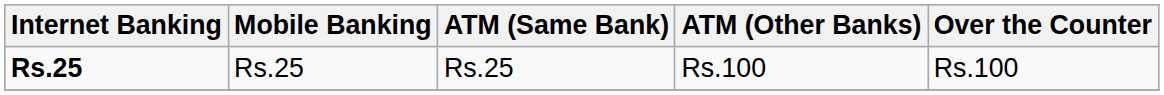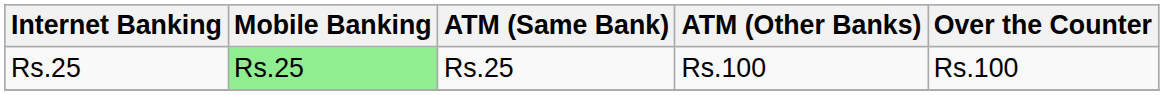 <table class="wikitable plainrowheaders">
 <tr>
 <th scope="col">Internet Banking</th>
 <th scope="col">Mobile Banking</th>
 <th scope="col">ATM (Same Bank)</th>
 <th scope="col">ATM (Other Banks)</th>
 <th scope="col">Over the Counter</th>
 </tr>
 <tr>
-<td><strong>Rs.25</strong></td>
 <td>Rs.25</td>
+<td style="background: lightgreen;">Rs.25</td>
 <td>Rs.25</td>
 <td>Rs.100</td>
 <td>Rs.100</td>
 </tr>
 <tr>
 </tr>
 </table>
